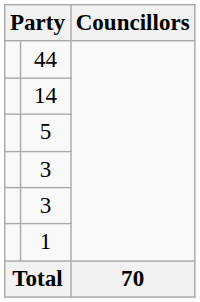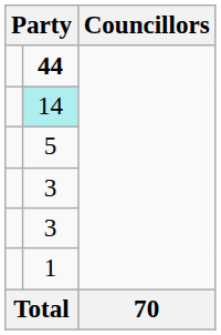 <table class="wikitable">
 <tr>
 <th colspan=2>Party</th>
 <th>Councillors</th>
 </tr>
 <tr>
 <td></td>
-<td align=center>44</td>
+<td align=center><strong>44</strong></td>
 </tr>
 <tr>
 <td></td>
-<td align=center>14</td>
+<td align=center style="background: paleturquoise;">14</td>
 </tr>
 <tr>
 <td></td>
 <td align=center>5</td>
 </tr>
 <tr>
 <td></td>
 <td align=center>3</td>
 </tr>
 <tr>
 <td></td>
 <td align=center>3</td>
 </tr>
 <tr>
 <td></td>
 <td align=center>1</td>
 </tr>
 <tr>
 <th colspan=2>Total</th>
 <th align=center>70</th>
 </tr>
 </table>
